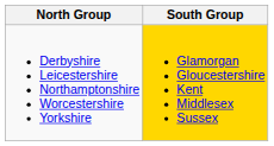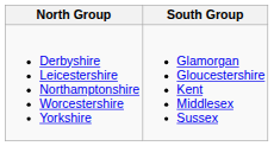 <table class="wikitable">
 <tr>
 <th>North Group</th>
 <th>South Group</th>
 </tr>
 <tr>
 <td><br><ul><li><a href='#'>Derbyshire</a></li><li><a href='#'>Leicestershire</a></li><li><a href='#'>Northamptonshire</a></li><li><a href='#'>Worcestershire</a></li><li><a href='#'>Yorkshire</a></li></ul></td>
-<td style="background: gold;"><br><ul><li><a href='#'>Glamorgan</a></li><li><a href='#'>Gloucestershire</a></li><li><a href='#'>Kent</a></li><li><a href='#'>Middlesex</a></li><li><a href='#'>Sussex</a></li></ul></td>
+<td><br><ul><li><a href='#'>Glamorgan</a></li><li><a href='#'>Gloucestershire</a></li><li><a href='#'>Kent</a></li><li><a href='#'>Middlesex</a></li><li><a href='#'>Sussex</a></li></ul></td>
 </tr>
 </table>
